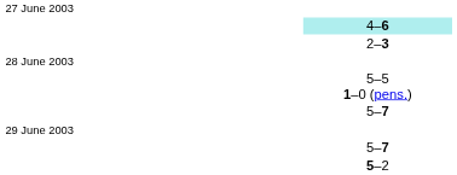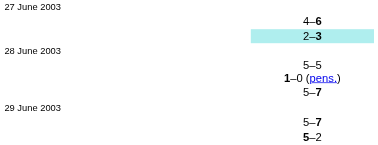 <table width=100% cellspacing=1>
 <tr>
 <th width=40%></th>
 <th width=20%></th>
 <th></th>
 </tr>
 <tr>
 <td><small>27 June 2003</small></td>
 </tr>
 <tr>
 <td align=right></td>
-<td align=center style="background: paleturquoise;">4–<strong>6</strong></td>
+<td align=center>4–<strong>6</strong></td>
 <td><strong></strong></td>
 </tr>
 <tr>
 <td align=right></td>
-<td align=center>2–<strong>3</strong></td>
+<td align=center style="background: paleturquoise;">2–<strong>3</strong></td>
 <td><strong></strong></td>
 </tr>
 <tr>
 <td><small>28 June 2003</small></td>
 </tr>
 <tr>
 <td align=right><strong></strong></td>
 <td align=center>5–5 <br><strong>1</strong>–0 (<a href='#'>pens.</a>)</td>
 <td></td>
 </tr>
 <tr>
 <td align=right></td>
 <td align=center>5–<strong>7</strong></td>
 <td><strong></strong></td>
 </tr>
 <tr>
 <td><small>29 June 2003</small></td>
 </tr>
 <tr>
 <td align=right></td>
 <td align=center>5–<strong>7</strong></td>
 <td><strong></strong></td>
 </tr>
 <tr>
 <td align=right><strong></strong></td>
 <td align=center><strong>5</strong>–2</td>
 <td></td>
 </tr>
 </table>
